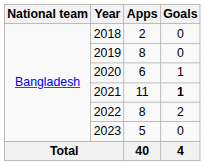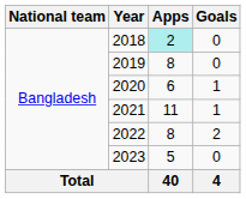 <table class="wikitable" style="text-align:center">
 <tr>
 <th>National team</th>
 <th>Year</th>
 <th>Apps</th>
 <th>Goals</th>
 </tr>
 <tr>
 <td rowspan=6><a href='#'>Bangladesh</a></td>
 <td>2018</td>
-<td>2</td>
+<td style="background: paleturquoise;">2</td>
 <td>0</td>
 </tr>
 <tr>
 <td>2019</td>
 <td>8</td>
 <td>0</td>
 </tr>
 <tr>
 <td>2020</td>
 <td>6</td>
 <td>1</td>
 </tr>
 <tr>
 <td>2021</td>
 <td>11</td>
-<td><strong>1</strong></td>
+<td>1</td>
 </tr>
 <tr>
 <td>2022</td>
 <td>8</td>
 <td>2</td>
 </tr>
 <tr>
 <td>2023</td>
 <td>5</td>
 <td>0</td>
 </tr>
 <tr>
 <th colspan=2>Total</th>
 <th>40</th>
 <th>4</th>
 </tr>
 </table>
